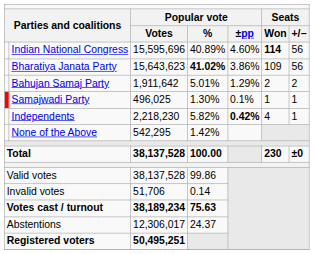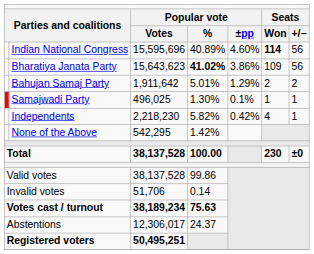 <table class="wikitable">
 <tr>
 <td colspan=7 align=center></td>
 </tr>
 <tr>
 <th colspan="2" rowspan="2">Parties and coalitions</th>
 <th colspan="3">Popular vote</th>
 <th colspan="2">Seats</th>
 </tr>
 <tr>
 <th>Votes</th>
 <th>%</th>
 <th>±<a href='#'>pp</a></th>
 <th>Won</th>
 <th><strong>+/−</strong></th>
 </tr>
 <tr>
 <td></td>
 <td><a href='#'>Indian National Congress</a></td>
 <td>15,595,696</td>
 <td>40.89%</td>
 <td>4.60%</td>
 <td><strong>114</strong></td>
 <td>56</td>
 </tr>
 <tr>
 <td></td>
 <td><a href='#'>Bharatiya Janata Party</a></td>
 <td>15,643,623</td>
 <td><strong>41.02%</strong></td>
 <td>3.86%</td>
 <td>109</td>
 <td>56</td>
 </tr>
 <tr>
 <td></td>
 <td><a href='#'>Bahujan Samaj Party</a></td>
 <td>1,911,642</td>
 <td>5.01%</td>
 <td>1.29%</td>
 <td>2</td>
 <td>2</td>
 </tr>
 <tr>
 <td bgcolor="red"></td>
 <td><a href='#'>Samajwadi Party</a></td>
 <td>496,025</td>
 <td>1.30%</td>
 <td>0.1%</td>
 <td>1</td>
 <td>1</td>
 </tr>
 <tr>
 <td></td>
 <td><a href='#'>Independents</a></td>
 <td>2,218,230</td>
 <td>5.82%</td>
-<td><strong>0.42%</strong></td>
+<td>0.42%</td>
 <td>4</td>
 <td>1</td>
 </tr>
 <tr>
 <td></td>
 <td><a href='#'>None of the Above</a></td>
 <td>542,295</td>
 <td>1.42%</td>
 <td></td>
 <td colspan="2" bgcolor="#E9E9E9"></td>
 </tr>
 <tr>
 <td colspan="7" bgcolor="#E9E9E9"></td>
 </tr>
 <tr style="font-weight:bold;">
 <td align="left" colspan="2">Total</td>
 <td>38,137,528</td>
 <td>100.00</td>
 <td bgcolor="#E9E9E9"></td>
 <td>230</td>
 <td>±0</td>
 </tr>
 <tr>
 <th colspan="9"></th>
 </tr>
 <tr>
 <td style="text-align:left;" colspan="2">Valid votes</td>
 <td>38,137,528</td>
 <td>99.86</td>
 <td colspan="4" rowspan="5" style="background-color:#E9E9E9"></td>
 </tr>
 <tr>
 <td style="text-align:left;" colspan="2">Invalid votes</td>
 <td>51,706</td>
 <td>0.14</td>
 </tr>
 <tr>
 <td style="text-align:left;" colspan="2"><strong>Votes cast / turnout</strong></td>
 <td><strong>38,189,234</strong></td>
 <td><strong>75.63</strong></td>
 </tr>
 <tr>
 <td style="text-align:left;" colspan="2">Abstentions</td>
 <td>12,306,017</td>
 <td>24.37</td>
 </tr>
 <tr>
 <td style="text-align:left;" colspan="2"><strong>Registered voters</strong></td>
 <td><strong>50,495,251</strong></td>
 <td colspan="1" style="background-color:#E9E9E9"></td>
 </tr>
 <tr>
 </tr>
 </table>
